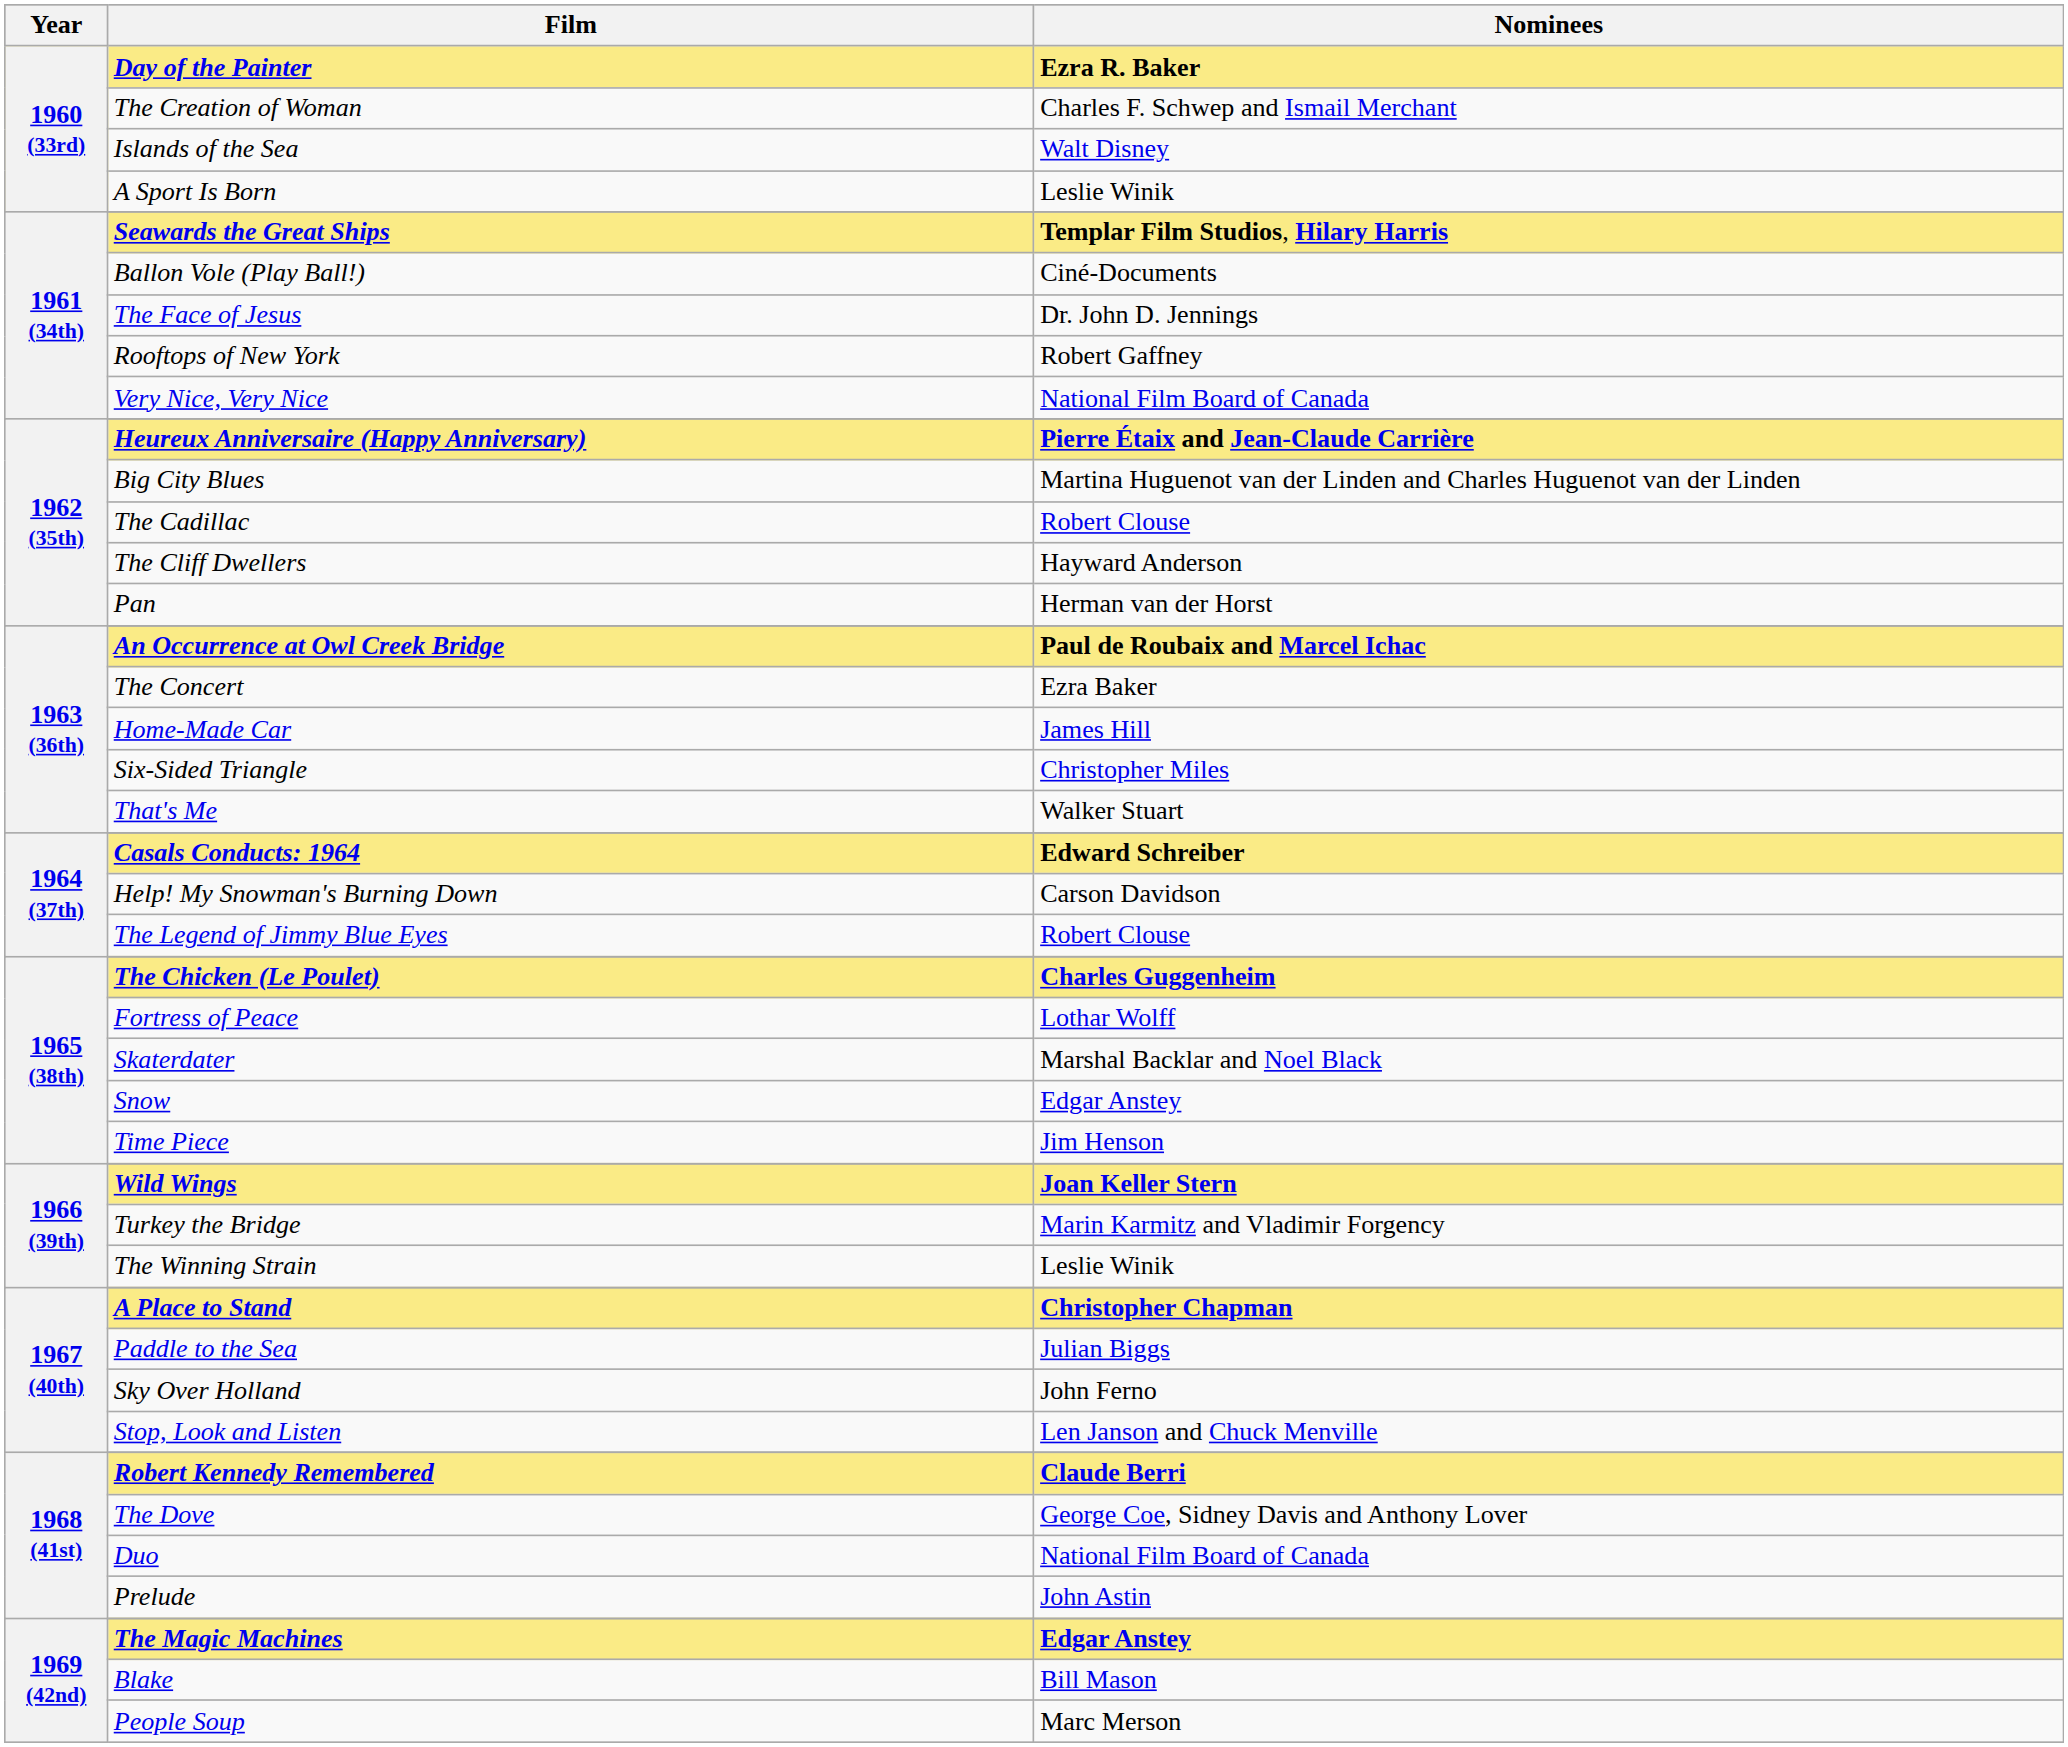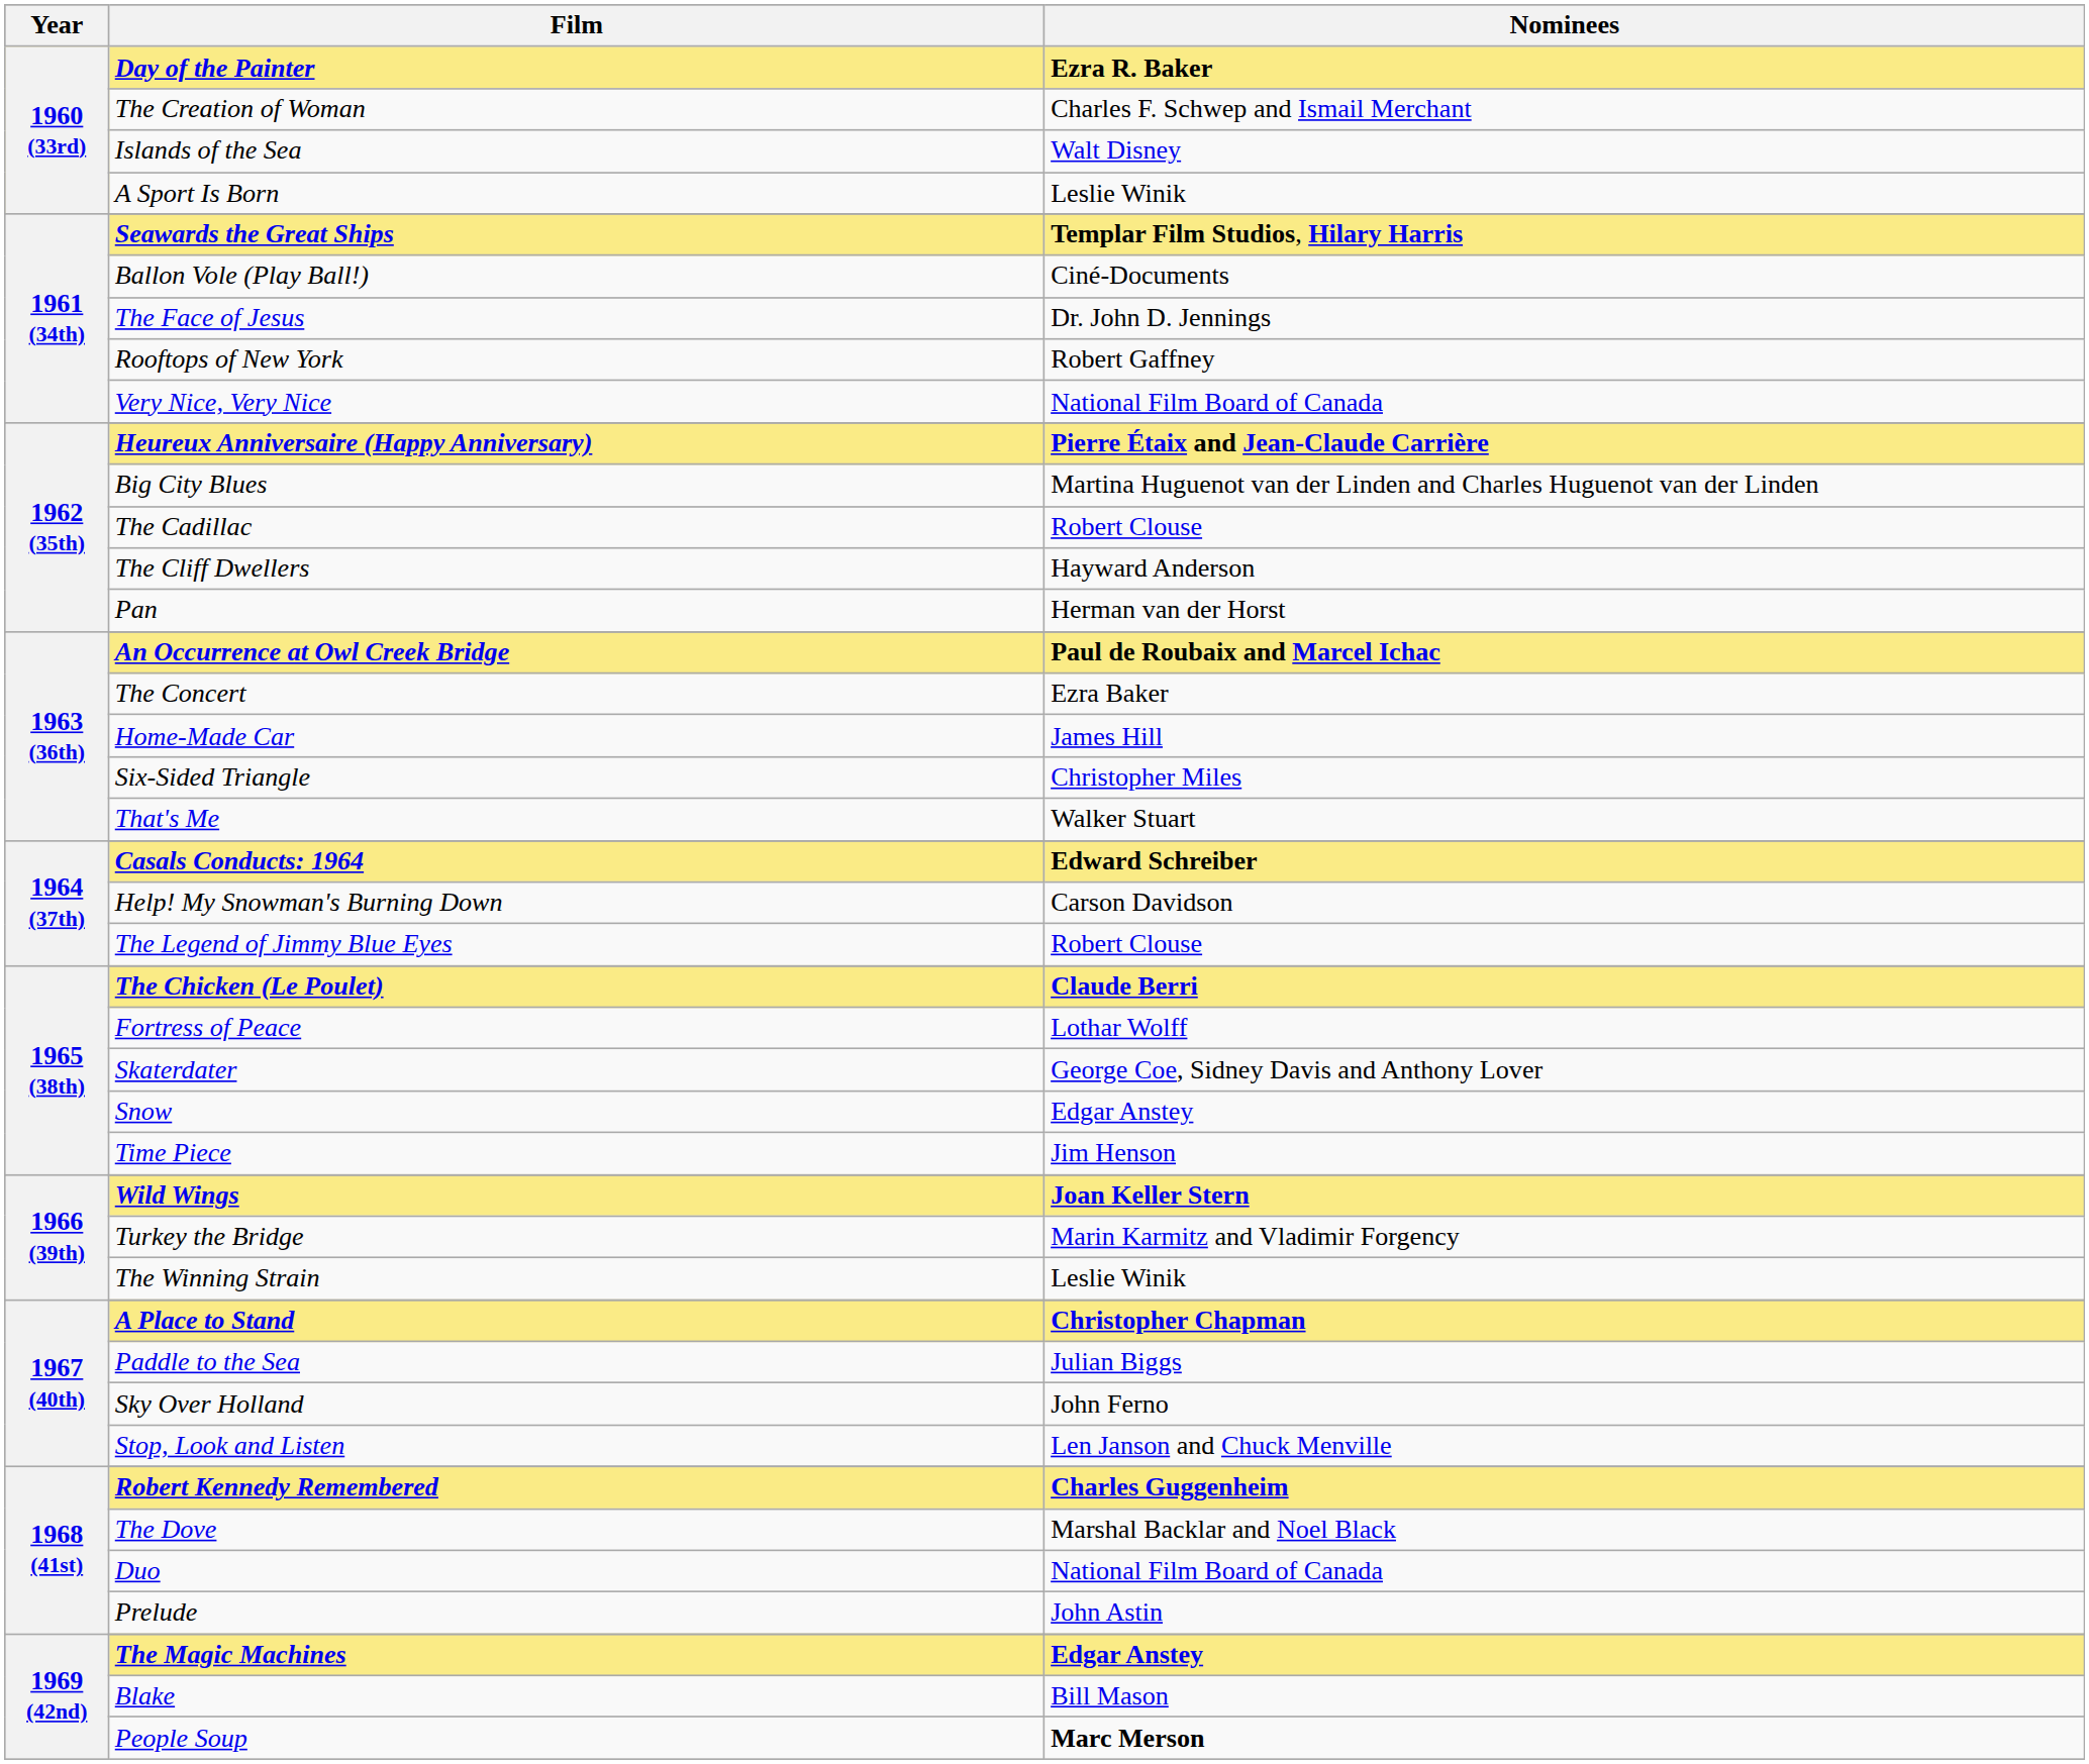 <table class="wikitable" style="width:100%">
 <tr bgcolor="#bebebe">
 <th width="5%">Year</th>
 <th width="45%">Film</th>
 <th width="50%">Nominees</th>
 </tr>
 <tr style="background:#FAEB86">
 <th rowspan="4"><a href='#'>1960</a><br><small><a href='#'>(33rd)</a></small></th>
 <td><strong><em><a href='#'>Day of the Painter</a></em></strong></td>
 <td><strong>Ezra R. Baker</strong></td>
 </tr>
 <tr>
 <td><em>The Creation of Woman</em></td>
 <td>Charles F. Schwep and <a href='#'>Ismail Merchant</a></td>
 </tr>
 <tr>
 <td><em>Islands of the Sea</em></td>
 <td><a href='#'>Walt Disney</a></td>
 </tr>
 <tr>
 <td><em>A Sport Is Born</em></td>
 <td>Leslie Winik</td>
 </tr>
 <tr>
 <th rowspan="6" style="text-align:center"><a href='#'>1961</a><br><small><a href='#'>(34th)</a></small></th>
 </tr>
 <tr style="background:#FAEB86">
 <td><strong><em><a href='#'>Seawards the Great Ships</a></em></strong></td>
 <td><strong>Templar Film Studios</strong>, <strong><a href='#'>Hilary Harris</a></strong></td>
 </tr>
 <tr>
 <td><em>Ballon Vole (Play Ball!)</em></td>
 <td>Ciné-Documents</td>
 </tr>
 <tr>
 <td><em><a href='#'>The Face of Jesus</a></em></td>
 <td>Dr. John D. Jennings</td>
 </tr>
 <tr>
 <td><em>Rooftops of New York</em></td>
 <td>Robert Gaffney</td>
 </tr>
 <tr>
 <td><em><a href='#'>Very Nice, Very Nice</a></em></td>
 <td><a href='#'>National Film Board of Canada</a></td>
 </tr>
 <tr>
 <th rowspan="6" style="text-align:center"><a href='#'>1962</a><br><small><a href='#'>(35th)</a></small></th>
 </tr>
 <tr style="background:#FAEB86">
 <td><strong><em><a href='#'>Heureux Anniversaire (Happy Anniversary)</a></em></strong></td>
 <td><strong><a href='#'>Pierre Étaix</a> and <a href='#'>Jean-Claude Carrière</a></strong></td>
 </tr>
 <tr>
 <td><em>Big City Blues</em></td>
 <td>Martina Huguenot van der Linden and Charles Huguenot van der Linden</td>
 </tr>
 <tr>
 <td><em>The Cadillac</em></td>
 <td><a href='#'>Robert Clouse</a></td>
 </tr>
 <tr>
 <td><em>The Cliff Dwellers</em> </td>
 <td>Hayward Anderson</td>
 </tr>
 <tr>
 <td><em>Pan</em></td>
 <td>Herman van der Horst</td>
 </tr>
 <tr>
 <th rowspan="6" style="text-align:center"><a href='#'>1963</a><br><small><a href='#'>(36th)</a></small></th>
 </tr>
 <tr style="background:#FAEB86">
 <td><strong><em><a href='#'>An Occurrence at Owl Creek Bridge</a></em></strong></td>
 <td><strong>Paul de Roubaix and <a href='#'>Marcel Ichac</a></strong></td>
 </tr>
 <tr>
 <td><em>The Concert</em></td>
 <td>Ezra Baker</td>
 </tr>
 <tr>
 <td><em><a href='#'>Home-Made Car</a></em></td>
 <td><a href='#'>James Hill</a></td>
 </tr>
 <tr>
 <td><em>Six-Sided Triangle</em></td>
 <td><a href='#'>Christopher Miles</a></td>
 </tr>
 <tr>
 <td><em><a href='#'>That's Me</a></em></td>
 <td>Walker Stuart</td>
 </tr>
 <tr>
 <th rowspan="4" style="text-align:center"><a href='#'>1964</a><br><small><a href='#'>(37th)</a></small></th>
 </tr>
 <tr style="background:#FAEB86">
 <td><strong><em><a href='#'>Casals Conducts: 1964</a></em></strong></td>
 <td><strong>Edward Schreiber</strong></td>
 </tr>
 <tr>
 <td><em>Help! My Snowman's Burning Down</em></td>
 <td>Carson Davidson</td>
 </tr>
 <tr>
 <td><em><a href='#'>The Legend of Jimmy Blue Eyes</a></em></td>
 <td><a href='#'>Robert Clouse</a></td>
 </tr>
 <tr>
 <th rowspan="6" style="text-align:center"><a href='#'>1965</a><br><small><a href='#'>(38th)</a></small></th>
 </tr>
 <tr style="background:#FAEB86">
 <td><strong><em><a href='#'>The Chicken (Le Poulet)</a></em></strong></td>
-<td><strong><a href='#'>Charles Guggenheim</a></strong></td>
+<td><strong><a href='#'>Claude Berri</a></strong></td>
 </tr>
 <tr>
 <td><em><a href='#'>Fortress of Peace</a></em></td>
 <td><a href='#'>Lothar Wolff</a></td>
 </tr>
 <tr>
 <td><em><a href='#'>Skaterdater</a></em></td>
-<td>Marshal Backlar and <a href='#'>Noel Black</a></td>
+<td><a href='#'>George Coe</a>, Sidney Davis and Anthony Lover</td>
 </tr>
 <tr>
 <td><em><a href='#'>Snow</a></em></td>
 <td><a href='#'>Edgar Anstey</a></td>
 </tr>
 <tr>
 <td><em><a href='#'>Time Piece</a></em></td>
 <td><a href='#'>Jim Henson</a></td>
 </tr>
 <tr>
 <th rowspan="4" style="text-align:center"><a href='#'>1966</a><br><small><a href='#'>(39th)</a></small></th>
 </tr>
 <tr style="background:#FAEB86">
 <td><strong><em><a href='#'>Wild Wings</a></em></strong></td>
 <td><strong><a href='#'>Joan Keller Stern</a></strong></td>
 </tr>
 <tr>
 <td><em>Turkey the Bridge</em></td>
 <td><a href='#'>Marin Karmitz</a> and Vladimir Forgency</td>
 </tr>
 <tr>
 <td><em>The Winning Strain</em></td>
 <td>Leslie Winik</td>
 </tr>
 <tr>
 <th rowspan="5" style="text-align:center"><a href='#'>1967</a><br><small><a href='#'>(40th)</a></small></th>
 </tr>
 <tr style="background:#FAEB86">
 <td><strong><em><a href='#'>A Place to Stand</a></em></strong></td>
 <td><strong><a href='#'>Christopher Chapman</a></strong></td>
 </tr>
 <tr>
 <td><em><a href='#'>Paddle to the Sea</a></em></td>
 <td><a href='#'>Julian Biggs</a></td>
 </tr>
 <tr>
 <td><em>Sky Over Holland</em></td>
 <td>John Ferno</td>
 </tr>
 <tr>
 <td><em><a href='#'>Stop, Look and Listen</a></em></td>
 <td><a href='#'>Len Janson</a> and <a href='#'>Chuck Menville</a></td>
 </tr>
 <tr>
 <th rowspan="5" style="text-align:center"><a href='#'>1968</a><br><small><a href='#'>(41st)</a></small></th>
 </tr>
 <tr style="background:#FAEB86">
 <td><strong><em><a href='#'>Robert Kennedy Remembered</a></em></strong></td>
-<td><strong><a href='#'>Claude Berri</a></strong></td>
+<td><strong><a href='#'>Charles Guggenheim</a></strong></td>
 </tr>
 <tr>
 <td><em><a href='#'>The Dove</a></em></td>
-<td><a href='#'>George Coe</a>, Sidney Davis and Anthony Lover</td>
+<td>Marshal Backlar and <a href='#'>Noel Black</a></td>
 </tr>
 <tr>
 <td><em><a href='#'>Duo</a></em></td>
 <td><a href='#'>National Film Board of Canada</a></td>
 </tr>
 <tr>
 <td><em>Prelude</em></td>
 <td><a href='#'>John Astin</a></td>
 </tr>
 <tr>
 <th rowspan="4" style="text-align:center"><a href='#'>1969</a> <small><a href='#'>(42nd)</a></small></th>
 </tr>
 <tr style="background:#FAEB86">
 <td><strong><em><a href='#'>The Magic Machines</a></em></strong></td>
 <td><strong><a href='#'>Edgar Anstey</a></strong></td>
 </tr>
 <tr>
 <td><em><a href='#'>Blake</a></em></td>
 <td><a href='#'>Bill Mason</a></td>
 </tr>
 <tr>
 <td><em><a href='#'>People Soup</a></em></td>
-<td>Marc Merson</td>
+<td><strong>Marc Merson</strong></td>
 </tr>
 <tr>
 </tr>
 </table>
